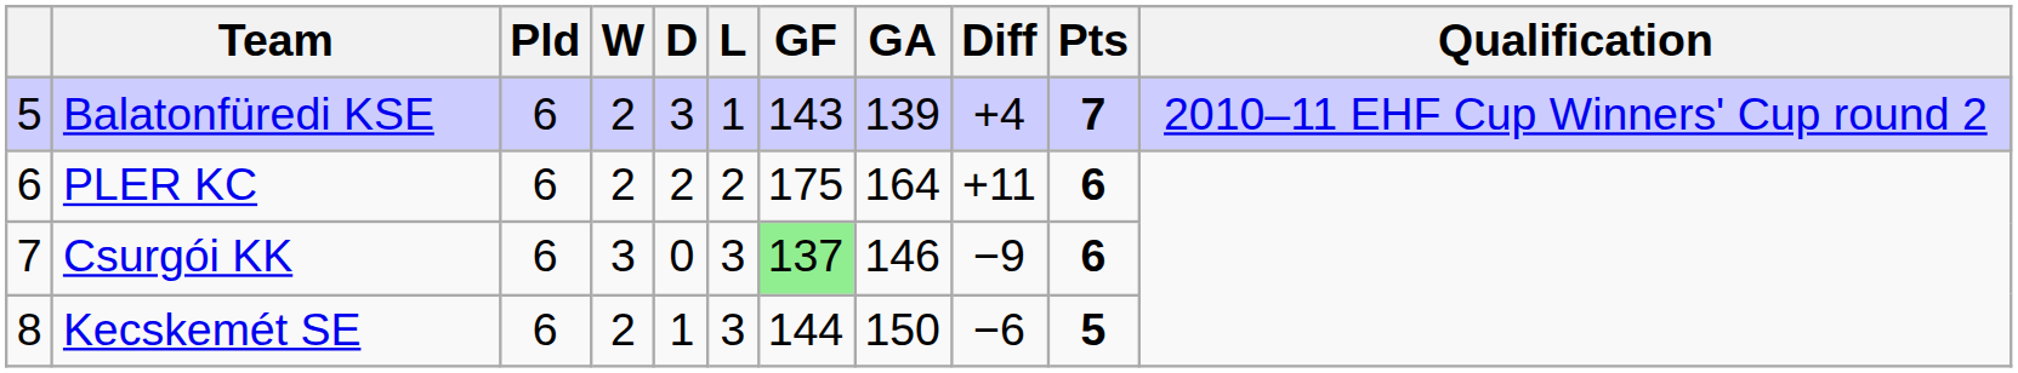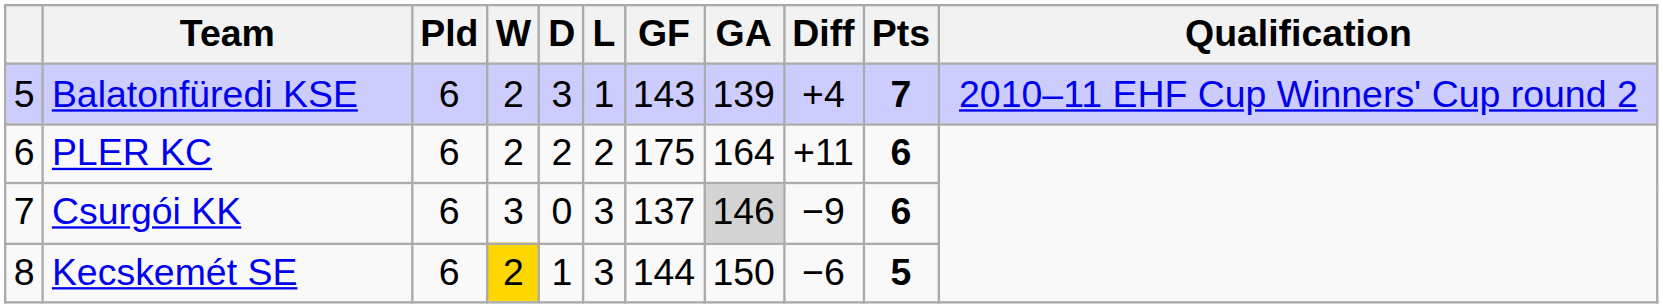 <table class="wikitable sortable" style="text-align:center">
 <tr>
 <th></th>
 <th width="150">Team</th>
 <th>Pld</th>
 <th>W</th>
 <th>D</th>
 <th>L</th>
 <th>GF</th>
 <th>GA</th>
 <th>Diff</th>
 <th>Pts</th>
 <th width="300">Qualification</th>
 </tr>
 <tr style="background: #CCCCFF;">
 <td>5</td>
 <td align=left><a href='#'>Balatonfüredi KSE</a></td>
 <td>6</td>
 <td>2</td>
 <td>3</td>
 <td>1</td>
 <td>143</td>
 <td>139</td>
 <td>+4</td>
 <td><strong>7</strong></td>
 <td><a href='#'>2010–11 EHF Cup Winners' Cup round 2</a></td>
 </tr>
 <tr>
 <td>6</td>
 <td align=left><a href='#'>PLER KC</a></td>
 <td>6</td>
 <td>2</td>
 <td>2</td>
 <td>2</td>
 <td>175</td>
 <td>164</td>
 <td>+11</td>
 <td><strong>6</strong></td>
 </tr>
 <tr>
 <td>7</td>
 <td align=left><a href='#'>Csurgói KK</a></td>
 <td>6</td>
 <td>3</td>
 <td>0</td>
 <td>3</td>
-<td style="background: lightgreen;">137</td>
-<td>146</td>
+<td>137</td>
+<td style="background: lightgrey;">146</td>
 <td>−9</td>
 <td><strong>6</strong></td>
 </tr>
 <tr>
 <td>8</td>
 <td align=left><a href='#'>Kecskemét SE</a></td>
 <td>6</td>
-<td>2</td>
+<td style="background: gold;">2</td>
 <td>1</td>
 <td>3</td>
 <td>144</td>
 <td>150</td>
 <td>−6</td>
 <td><strong>5</strong></td>
 </tr>
 </table>
